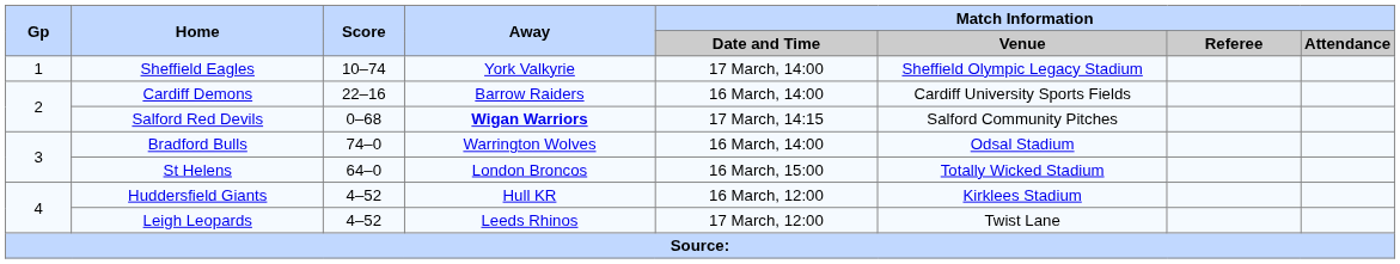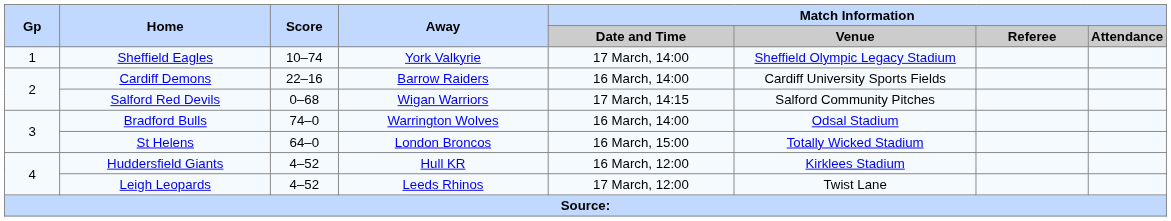 <table border=1 style="border-collapse:collapse; font-size:90%; text-align:center"; cellpadding=3 cellspacing=0 width=100%>
 <tr bgcolor="#c1d8ff">
 <th rowspan=2 width=5%>Gp</th>
 <th rowspan=2 width=19%>Home</th>
 <th rowspan=2 width=6%>Score</th>
 <th rowspan=2 width=19%>Away</th>
 <th colspan=4>Match Information</th>
 </tr>
 <tr bgcolor="#cccccc">
 <th width=17%>Date and Time</th>
 <th width=22%>Venue</th>
 <th width=10%>Referee</th>
 <th width=7%>Attendance</th>
 </tr>
 <tr bgcolor=#f5faff>
 <td>1</td>
 <td><a href='#'>Sheffield Eagles</a></td>
 <td>10–74</td>
 <td><a href='#'>York Valkyrie</a></td>
 <td>17 March, 14:00</td>
 <td><a href='#'>Sheffield Olympic Legacy Stadium</a></td>
 <td></td>
 <td></td>
 </tr>
 <tr bgcolor=#f5faff>
 <td rowspan=2>2</td>
 <td><a href='#'>Cardiff Demons</a></td>
 <td>22–16</td>
 <td><a href='#'>Barrow Raiders</a></td>
 <td>16 March, 14:00</td>
 <td>Cardiff University Sports Fields</td>
 <td></td>
 <td></td>
 </tr>
 <tr bgcolor=#f5faff>
 <td><a href='#'>Salford Red Devils</a></td>
 <td>0–68</td>
-<td><strong><a href='#'>Wigan Warriors</a></strong></td>
+<td><a href='#'>Wigan Warriors</a></td>
 <td>17 March, 14:15</td>
 <td>Salford Community Pitches</td>
 <td></td>
 <td></td>
 </tr>
 <tr bgcolor=#f5faff>
 <td rowspan=2>3</td>
 <td><a href='#'>Bradford Bulls</a></td>
 <td>74–0</td>
 <td><a href='#'>Warrington Wolves</a></td>
 <td>16 March, 14:00</td>
 <td><a href='#'>Odsal Stadium</a></td>
 <td></td>
 <td></td>
 </tr>
 <tr bgcolor=#f5faff>
 <td><a href='#'>St Helens</a></td>
 <td>64–0</td>
 <td><a href='#'>London Broncos</a></td>
 <td>16 March, 15:00</td>
 <td><a href='#'>Totally Wicked Stadium</a></td>
 <td></td>
 <td></td>
 </tr>
 <tr bgcolor=#f5faff>
 <td rowspan=2>4</td>
 <td><a href='#'>Huddersfield Giants</a></td>
 <td>4–52</td>
 <td><a href='#'>Hull KR</a></td>
 <td>16 March, 12:00</td>
 <td><a href='#'>Kirklees Stadium</a></td>
 <td></td>
 <td></td>
 </tr>
 <tr bgcolor=#f5faff>
 <td><a href='#'>Leigh Leopards</a></td>
 <td>4–52</td>
 <td><a href='#'>Leeds Rhinos</a></td>
 <td>17 March, 12:00</td>
 <td>Twist Lane</td>
 <td></td>
 <td></td>
 </tr>
 <tr style="background:#c1d8ff;">
 <th colspan=9>Source:</th>
 </tr>
 </table>
